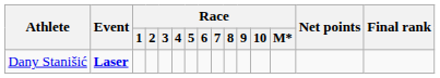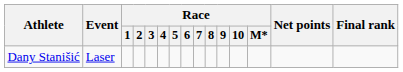 <table class="wikitable" style="font-size:90%">
 <tr>
 <th rowspan="2">Athlete</th>
 <th rowspan="2">Event</th>
 <th colspan=11>Race</th>
 <th rowspan=2>Net points</th>
 <th rowspan=2>Final rank</th>
 </tr>
 <tr style="font-size:95%">
 <th>1</th>
 <th>2</th>
 <th>3</th>
 <th>4</th>
 <th>5</th>
 <th>6</th>
 <th>7</th>
 <th>8</th>
 <th>9</th>
 <th>10</th>
 <th>M*</th>
 </tr>
 <tr align=center>
 <td align=left><a href='#'>Dany Stanišić</a></td>
-<td align=left><strong><a href='#'>Laser</a></strong></td>
+<td align=left><a href='#'>Laser</a></td>
 <td></td>
 <td></td>
 <td></td>
 <td></td>
 <td></td>
 <td></td>
 <td></td>
 <td></td>
 <td></td>
 <td></td>
 <td></td>
 <td></td>
 <td></td>
 </tr>
 </table>
